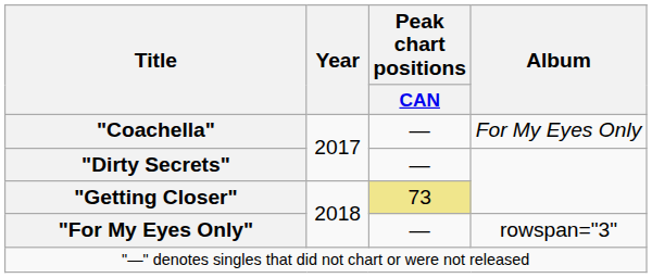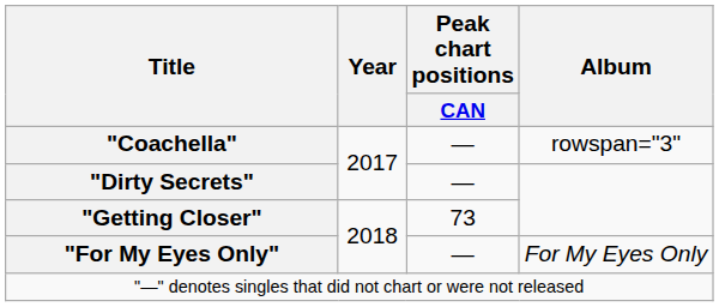 <table class="wikitable plainrowheaders" style="text-align:center;">
 <tr>
 <th scope="col" rowspan="2" style="width:14em;">Title</th>
 <th scope="col" rowspan="2" style="width:2.5em;">Year</th>
 <th scope="col" colspan="1">Peak chart positions</th>
 <th scope="col" rowspan="2">Album</th>
 </tr>
 <tr>
 <th scope="col" style="width:2.5em;font-size:90%;"><a href='#'>CAN</a><br></th>
 </tr>
 <tr>
 <th scope="row">"Coachella"</th>
 <td rowspan="2">2017</td>
 <td>—</td>
-<td><em>For My Eyes Only</em></td>
+<td>rowspan="3" </td>
 </tr>
 <tr>
 <th scope="row">"Dirty Secrets"</th>
 <td>—</td>
 </tr>
 <tr>
 <th scope="row">"Getting Closer"</th>
 <td rowspan="2">2018</td>
-<td style="background: khaki;">73</td>
+<td>73</td>
 </tr>
 <tr>
 <th scope="row">"For My Eyes Only"</th>
 <td>—</td>
-<td>rowspan="3" </td>
+<td><em>For My Eyes Only</em></td>
 </tr>
 <tr>
 <td colspan="4" style="font-size:9pt">"—" denotes singles that did not chart or were not released</td>
 </tr>
 </table>
